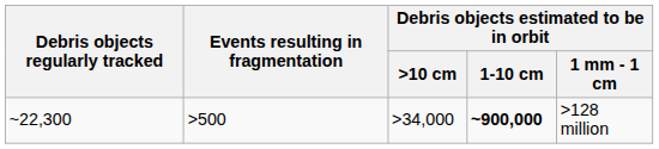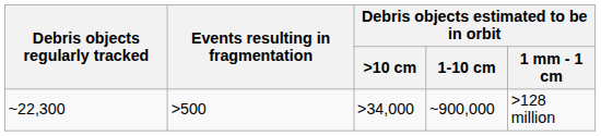 <table class="wikitable">
 <tr>
 <th rowspan="2">Debris objects regularly tracked</th>
 <th rowspan="2">Events resulting in fragmentation</th>
 <th colspan="3">Debris objects estimated to be in orbit</th>
 </tr>
 <tr>
 <th>>10 cm</th>
 <th>1-10 cm</th>
 <th>1 mm - 1 cm</th>
 </tr>
 <tr>
 <td>~22,300</td>
 <td>>500</td>
 <td>>34,000</td>
-<td><strong>~900,000</strong></td>
+<td>~900,000</td>
 <td>>128 million</td>
 </tr>
 </table>
